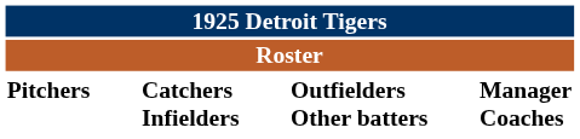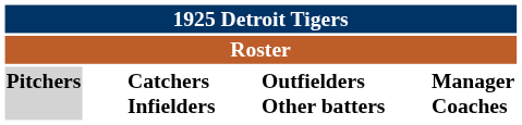 <table class="toccolours" style="font-size: 95%;">
 <tr>
 <th colspan="10" style="background-color: #003366; color: white; text-align: center;">1925 Detroit Tigers</th>
 </tr>
 <tr>
 <td colspan="10" style="background-color: #bd5d29; color: white; text-align: center;"><strong>Roster</strong></td>
 </tr>
 <tr>
-<td valign="top"><strong>Pitchers</strong><br>           </td>
+<td valign="top" style="background: lightgrey;"><strong>Pitchers</strong><br>           </td>
 <td width="25px"></td>
 <td valign="top"><strong>Catchers</strong><br>   <strong>Infielders</strong>          </td>
 <td width="25px"></td>
 <td valign="top"><strong>Outfielders</strong><br>     <strong>Other batters</strong> </td>
 <td width="25px"></td>
 <td valign="top"><strong>Manager</strong><br> <strong>Coaches</strong>  </td>
 </tr>
 </table>
